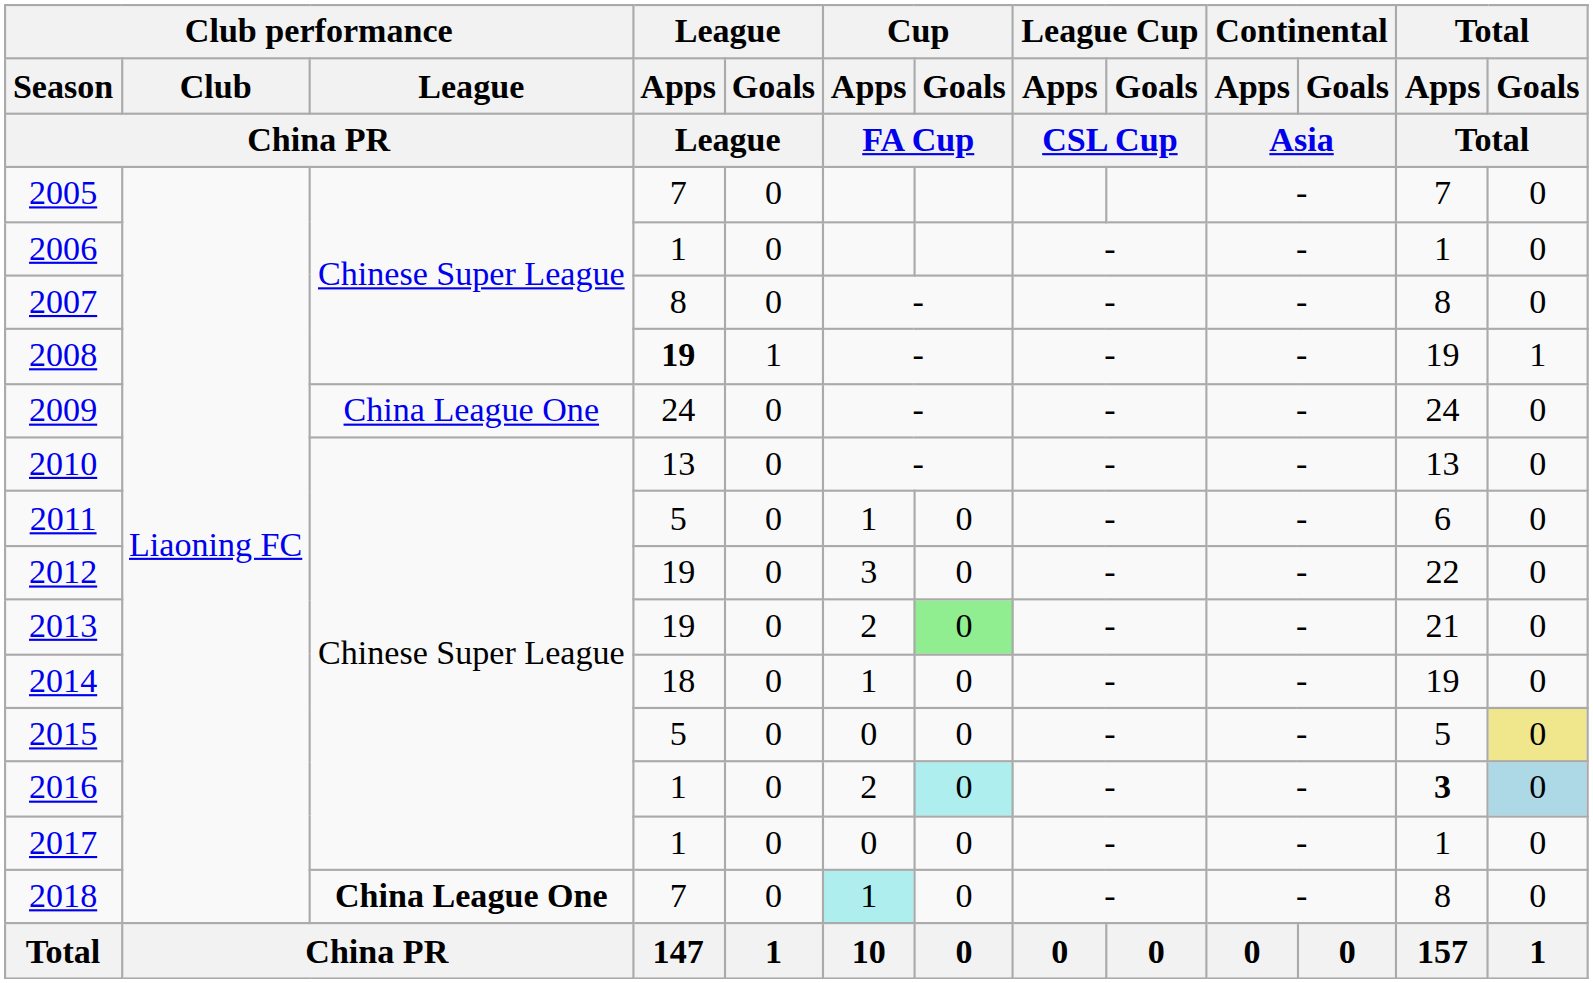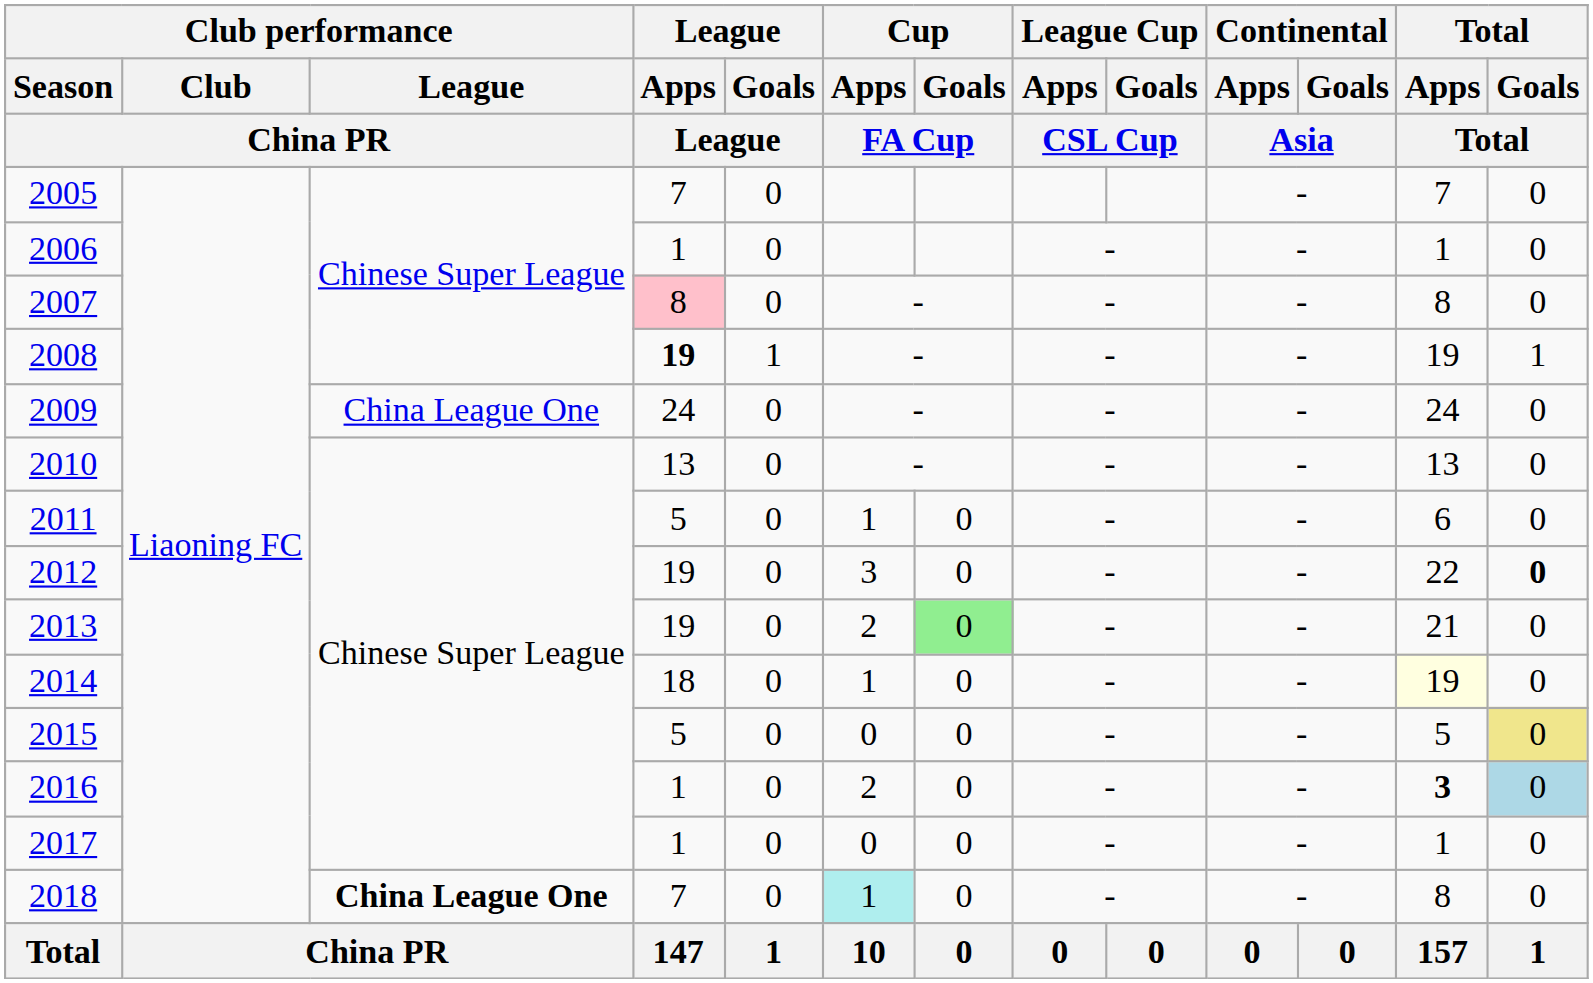 <table class="wikitable" style="text-align:center">
 <tr>
 <th colspan=3>Club performance</th>
 <th colspan=2>League</th>
 <th colspan=2>Cup</th>
 <th colspan=2>League Cup</th>
 <th colspan=2>Continental</th>
 <th colspan=2>Total</th>
 </tr>
 <tr>
 <th>Season</th>
 <th>Club</th>
 <th>League</th>
 <th>Apps</th>
 <th>Goals</th>
 <th>Apps</th>
 <th>Goals</th>
 <th>Apps</th>
 <th>Goals</th>
 <th>Apps</th>
 <th>Goals</th>
 <th>Apps</th>
 <th>Goals</th>
 </tr>
 <tr>
 <th colspan=3>China PR</th>
 <th colspan=2>League</th>
 <th colspan=2><a href='#'>FA Cup</a></th>
 <th colspan=2><a href='#'>CSL Cup</a></th>
 <th colspan=2><a href='#'>Asia</a></th>
 <th colspan=2>Total</th>
 </tr>
 <tr>
 <td><a href='#'>2005</a></td>
 <td rowspan="14"><a href='#'>Liaoning FC</a></td>
 <td rowspan="4"><a href='#'>Chinese Super League</a></td>
 <td>7</td>
 <td>0</td>
 <td></td>
 <td></td>
 <td></td>
 <td></td>
 <td colspan="2">-</td>
 <td>7</td>
 <td>0</td>
 </tr>
 <tr>
 <td><a href='#'>2006</a></td>
 <td>1</td>
 <td>0</td>
 <td></td>
 <td></td>
 <td colspan="2">-</td>
 <td colspan="2">-</td>
 <td>1</td>
 <td>0</td>
 </tr>
 <tr>
 <td><a href='#'>2007</a></td>
-<td>8</td>
+<td style="background: pink;">8</td>
 <td>0</td>
 <td colspan="2">-</td>
 <td colspan="2">-</td>
 <td colspan="2">-</td>
 <td>8</td>
 <td>0</td>
 </tr>
 <tr>
 <td><a href='#'>2008</a></td>
 <td><strong>19</strong></td>
 <td>1</td>
 <td colspan="2">-</td>
 <td colspan="2">-</td>
 <td colspan="2">-</td>
 <td>19</td>
 <td>1</td>
 </tr>
 <tr>
 <td><a href='#'>2009</a></td>
 <td><a href='#'>China League One</a></td>
 <td>24</td>
 <td>0</td>
 <td colspan="2">-</td>
 <td colspan="2">-</td>
 <td colspan="2">-</td>
 <td>24</td>
 <td>0</td>
 </tr>
 <tr>
 <td><a href='#'>2010</a></td>
 <td rowspan="8">Chinese Super League</td>
 <td>13</td>
 <td>0</td>
 <td colspan="2">-</td>
 <td colspan="2">-</td>
 <td colspan="2">-</td>
 <td>13</td>
 <td>0</td>
 </tr>
 <tr>
 <td><a href='#'>2011</a></td>
 <td>5</td>
 <td>0</td>
 <td>1</td>
 <td>0</td>
 <td colspan="2">-</td>
 <td colspan="2">-</td>
 <td>6</td>
 <td>0</td>
 </tr>
 <tr>
 <td><a href='#'>2012</a></td>
 <td>19</td>
 <td>0</td>
 <td>3</td>
 <td>0</td>
 <td colspan="2">-</td>
 <td colspan="2">-</td>
 <td>22</td>
-<td>0</td>
+<td><strong>0</strong></td>
 </tr>
 <tr>
 <td><a href='#'>2013</a></td>
 <td>19</td>
 <td>0</td>
 <td>2</td>
 <td style="background: lightgreen;">0</td>
 <td colspan="2">-</td>
 <td colspan="2">-</td>
 <td>21</td>
 <td>0</td>
 </tr>
 <tr>
 <td><a href='#'>2014</a></td>
 <td>18</td>
 <td>0</td>
 <td>1</td>
 <td>0</td>
 <td colspan="2">-</td>
 <td colspan="2">-</td>
-<td>19</td>
+<td style="background: lightyellow;">19</td>
 <td>0</td>
 </tr>
 <tr>
 <td><a href='#'>2015</a></td>
 <td>5</td>
 <td>0</td>
 <td>0</td>
 <td>0</td>
 <td colspan="2">-</td>
 <td colspan="2">-</td>
 <td>5</td>
 <td style="background: khaki;">0</td>
 </tr>
 <tr>
 <td><a href='#'>2016</a></td>
 <td>1</td>
 <td>0</td>
 <td>2</td>
-<td style="background: paleturquoise;">0</td>
+<td>0</td>
 <td colspan="2">-</td>
 <td colspan="2">-</td>
 <td><strong>3</strong></td>
 <td style="background: lightblue;">0</td>
 </tr>
 <tr>
 <td><a href='#'>2017</a></td>
 <td>1</td>
 <td>0</td>
 <td>0</td>
 <td>0</td>
 <td colspan="2">-</td>
 <td colspan="2">-</td>
 <td>1</td>
 <td>0</td>
 </tr>
 <tr>
 <td><a href='#'>2018</a></td>
 <td><strong>China League One</strong></td>
 <td>7</td>
 <td>0</td>
 <td style="background: paleturquoise;">1</td>
 <td>0</td>
 <td colspan="2">-</td>
 <td colspan="2">-</td>
 <td>8</td>
 <td>0</td>
 </tr>
 <tr>
 <th rowspan=3>Total</th>
 <th colspan=2>China PR</th>
 <th>147</th>
 <th>1</th>
 <th>10</th>
 <th>0</th>
 <th>0</th>
 <th>0</th>
 <th>0</th>
 <th>0</th>
 <th>157</th>
 <th>1</th>
 </tr>
 </table>
